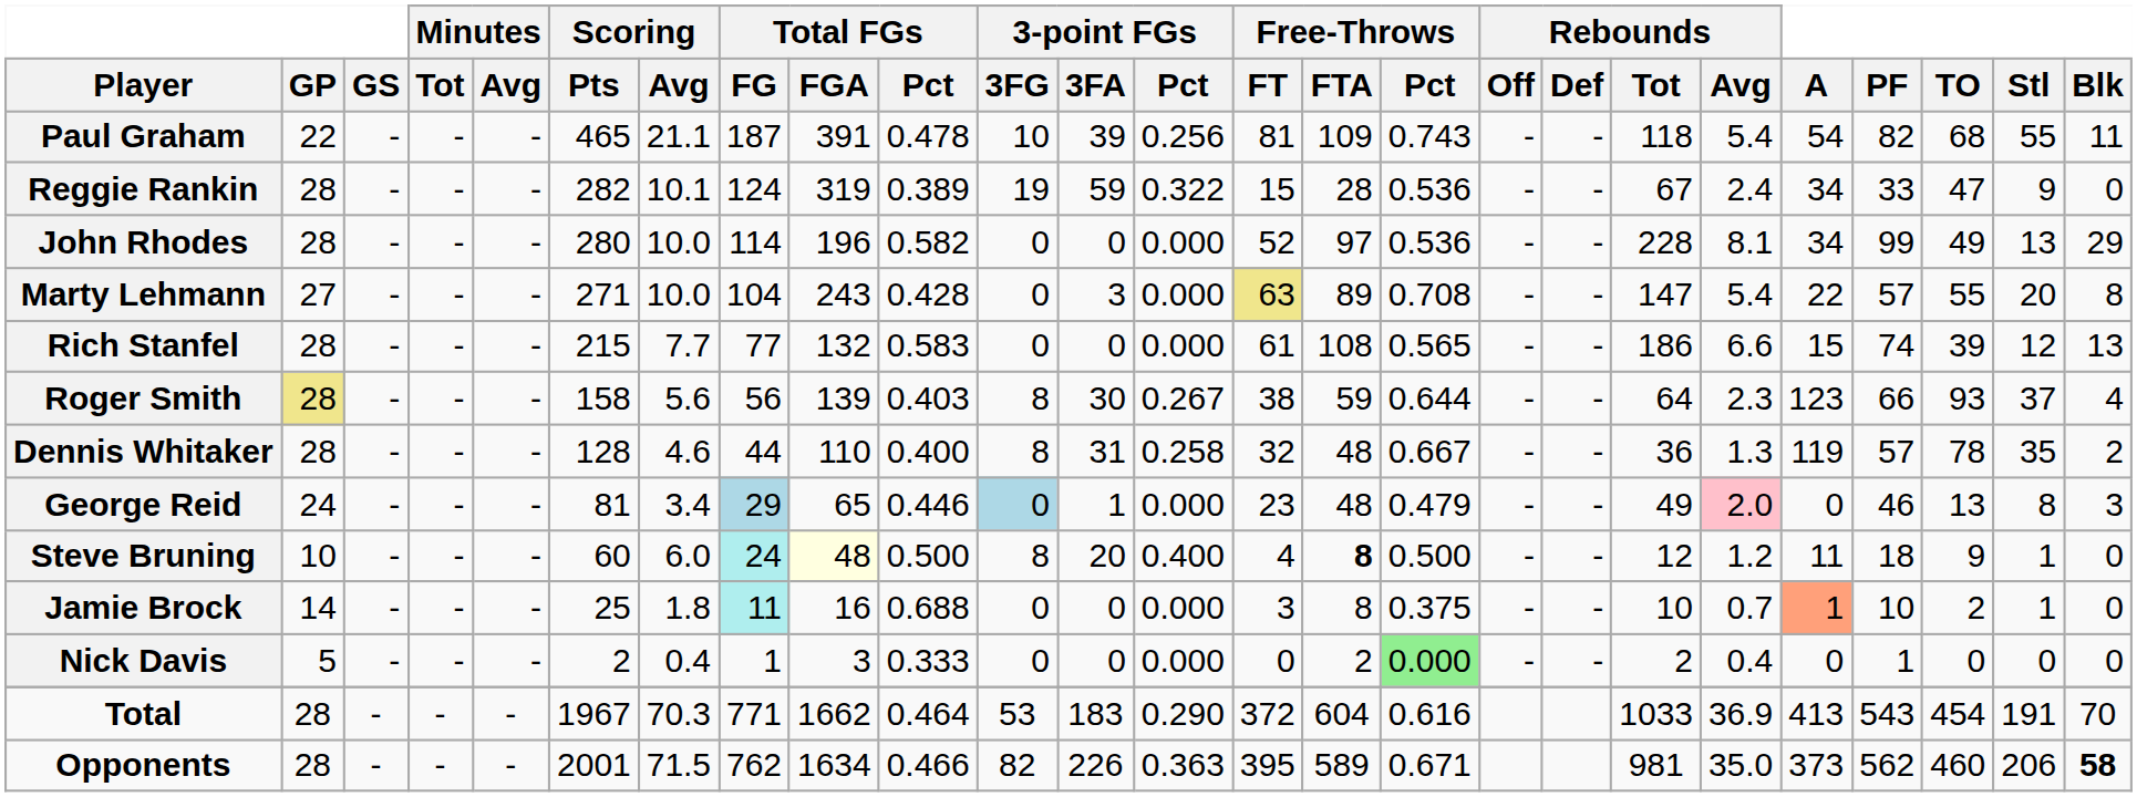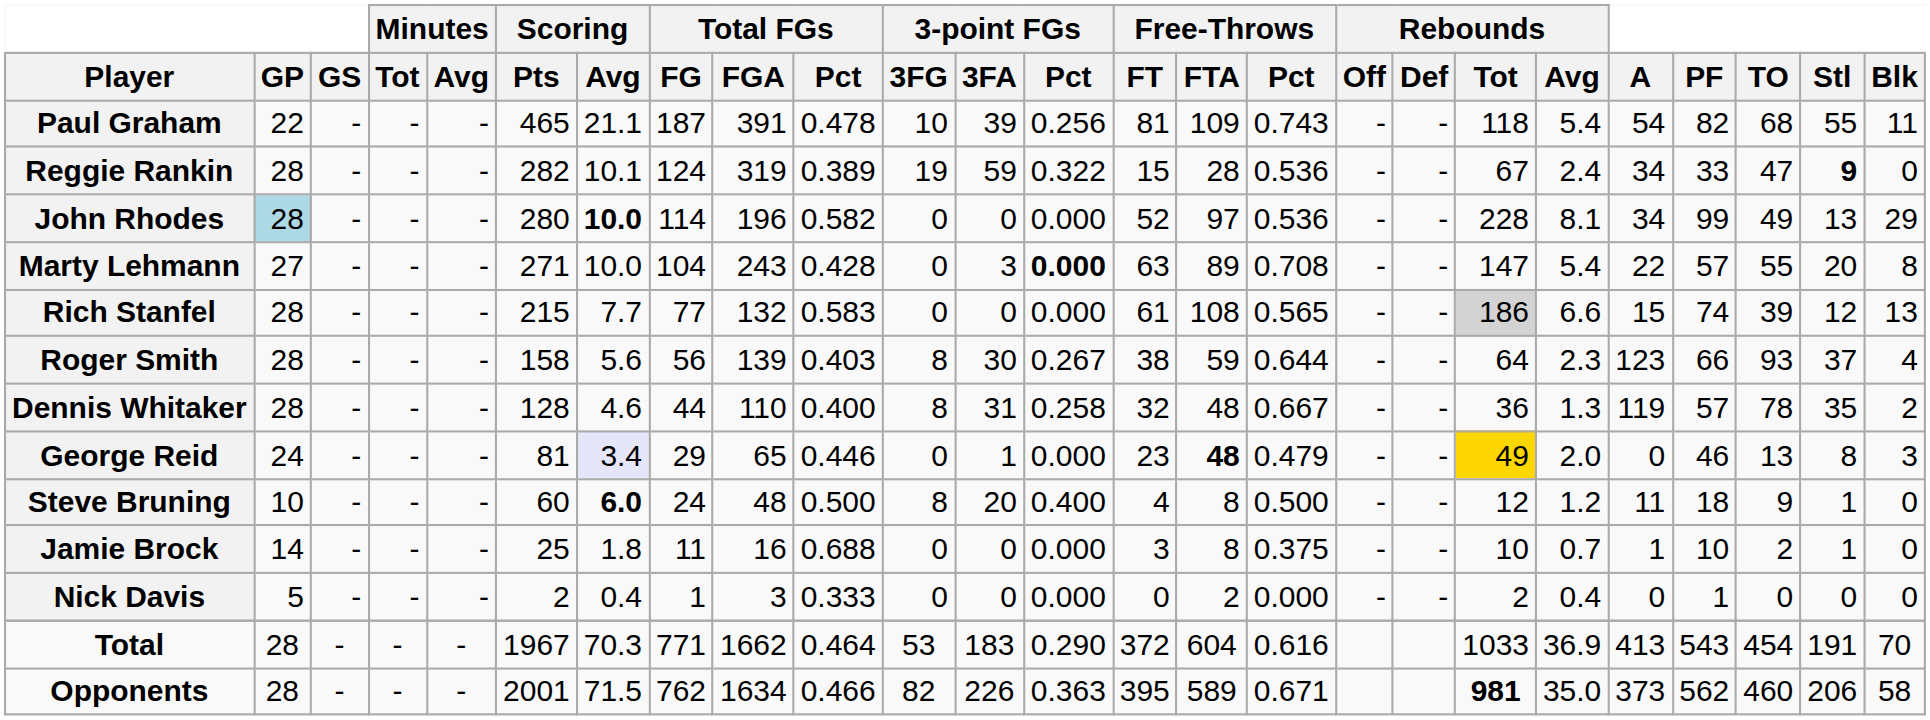 <table class="wikitable sortable" border="1" style="font-size:90%;">
 <tr>
 <th colspan="3" style="border-top-style:hidden; border-left-style:hidden; background: white;"></th>
 <th colspan="2" style=>Minutes</th>
 <th colspan="2" style=>Scoring</th>
 <th colspan="3" style=>Total FGs</th>
 <th colspan="3" style=>3-point FGs</th>
 <th colspan="3" style=>Free-Throws</th>
 <th colspan="4" style=>Rebounds</th>
 <th colspan="5" style="border-top-style:hidden; border-right-style:hidden; background: white;"></th>
 </tr>
 <tr>
 <th scope="col" style=>Player</th>
 <th scope="col" style=>GP</th>
 <th scope="col" style=>GS</th>
 <th scope="col" style=>Tot</th>
 <th scope="col" style=>Avg</th>
 <th scope="col" style=>Pts</th>
 <th scope="col" style=>Avg</th>
 <th scope="col" style=>FG</th>
 <th scope="col" style=>FGA</th>
 <th scope="col" style=>Pct</th>
 <th scope="col" style=>3FG</th>
 <th scope="col" style=>3FA</th>
 <th scope="col" style=>Pct</th>
 <th scope="col" style=>FT</th>
 <th scope="col" style=>FTA</th>
 <th scope="col" style=>Pct</th>
 <th scope="col" style=>Off</th>
 <th scope="col" style=>Def</th>
 <th scope="col" style=>Tot</th>
 <th scope="col" style=>Avg</th>
 <th scope="col" style=>A</th>
 <th scope="col" style=>PF</th>
 <th scope="col" style=>TO</th>
 <th scope="col" style=>Stl</th>
 <th scope="col" style=>Blk</th>
 </tr>
 <tr>
 <th>Paul Graham</th>
 <td align="right">22</td>
 <td align="right">-</td>
 <td align="right">-</td>
 <td align="right">-</td>
 <td align="right">465</td>
 <td align="right">21.1</td>
 <td align="right">187</td>
 <td align="right">391</td>
 <td align="right">0.478</td>
 <td align="right">10</td>
 <td align="right">39</td>
 <td align="right">0.256</td>
 <td align="right">81</td>
 <td align="right">109</td>
 <td align="right">0.743</td>
 <td align="right">-</td>
 <td align="right">-</td>
 <td align="right">118</td>
 <td align="right">5.4</td>
 <td align="right">54</td>
 <td align="right">82</td>
 <td align="right">68</td>
 <td align="right">55</td>
 <td align="right">11</td>
 </tr>
 <tr>
 <th>Reggie Rankin</th>
 <td align="right">28</td>
 <td align="right">-</td>
 <td align="right">-</td>
 <td align="right">-</td>
 <td align="right">282</td>
 <td align="right">10.1</td>
 <td align="right">124</td>
 <td align="right">319</td>
 <td align="right">0.389</td>
 <td align="right">19</td>
 <td align="right">59</td>
 <td align="right">0.322</td>
 <td align="right">15</td>
 <td align="right">28</td>
 <td align="right">0.536</td>
 <td align="right">-</td>
 <td align="right">-</td>
 <td align="right">67</td>
 <td align="right">2.4</td>
 <td align="right">34</td>
 <td align="right">33</td>
 <td align="right">47</td>
-<td align="right">9</td>
+<td align="right"><strong>9</strong></td>
 <td align="right">0</td>
 </tr>
 <tr>
 <th>John Rhodes</th>
-<td align="right">28</td>
+<td align="right" style="background: lightblue;">28</td>
 <td align="right">-</td>
 <td align="right">-</td>
 <td align="right">-</td>
 <td align="right">280</td>
-<td align="right">10.0</td>
+<td align="right"><strong>10.0</strong></td>
 <td align="right">114</td>
 <td align="right">196</td>
 <td align="right">0.582</td>
 <td align="right">0</td>
 <td align="right">0</td>
 <td align="right">0.000</td>
 <td align="right">52</td>
 <td align="right">97</td>
 <td align="right">0.536</td>
 <td align="right">-</td>
 <td align="right">-</td>
 <td align="right">228</td>
 <td align="right">8.1</td>
 <td align="right">34</td>
 <td align="right">99</td>
 <td align="right">49</td>
 <td align="right">13</td>
 <td align="right">29</td>
 </tr>
 <tr>
 <th>Marty Lehmann</th>
 <td align="right">27</td>
 <td align="right">-</td>
 <td align="right">-</td>
 <td align="right">-</td>
 <td align="right">271</td>
 <td align="right">10.0</td>
 <td align="right">104</td>
 <td align="right">243</td>
 <td align="right">0.428</td>
 <td align="right">0</td>
 <td align="right">3</td>
-<td align="right">0.000</td>
-<td align="right" style="background: khaki;">63</td>
+<td align="right"><strong>0.000</strong></td>
+<td align="right">63</td>
 <td align="right">89</td>
 <td align="right">0.708</td>
 <td align="right">-</td>
 <td align="right">-</td>
 <td align="right">147</td>
 <td align="right">5.4</td>
 <td align="right">22</td>
 <td align="right">57</td>
 <td align="right">55</td>
 <td align="right">20</td>
 <td align="right">8</td>
 </tr>
 <tr>
 <th>Rich Stanfel</th>
 <td align="right">28</td>
 <td align="right">-</td>
 <td align="right">-</td>
 <td align="right">-</td>
 <td align="right">215</td>
 <td align="right">7.7</td>
 <td align="right">77</td>
 <td align="right">132</td>
 <td align="right">0.583</td>
 <td align="right">0</td>
 <td align="right">0</td>
 <td align="right">0.000</td>
 <td align="right">61</td>
 <td align="right">108</td>
 <td align="right">0.565</td>
 <td align="right">-</td>
 <td align="right">-</td>
-<td align="right">186</td>
+<td align="right" style="background: lightgrey;">186</td>
 <td align="right">6.6</td>
 <td align="right">15</td>
 <td align="right">74</td>
 <td align="right">39</td>
 <td align="right">12</td>
 <td align="right">13</td>
 </tr>
 <tr>
 <th>Roger Smith</th>
-<td align="right" style="background: khaki;">28</td>
+<td align="right">28</td>
 <td align="right">-</td>
 <td align="right">-</td>
 <td align="right">-</td>
 <td align="right">158</td>
 <td align="right">5.6</td>
 <td align="right">56</td>
 <td align="right">139</td>
 <td align="right">0.403</td>
 <td align="right">8</td>
 <td align="right">30</td>
 <td align="right">0.267</td>
 <td align="right">38</td>
 <td align="right">59</td>
 <td align="right">0.644</td>
 <td align="right">-</td>
 <td align="right">-</td>
 <td align="right">64</td>
 <td align="right">2.3</td>
 <td align="right">123</td>
 <td align="right">66</td>
 <td align="right">93</td>
 <td align="right">37</td>
 <td align="right">4</td>
 </tr>
 <tr>
 <th>Dennis Whitaker</th>
 <td align="right">28</td>
 <td align="right">-</td>
 <td align="right">-</td>
 <td align="right">-</td>
 <td align="right">128</td>
 <td align="right">4.6</td>
 <td align="right">44</td>
 <td align="right">110</td>
 <td align="right">0.400</td>
 <td align="right">8</td>
 <td align="right">31</td>
 <td align="right">0.258</td>
 <td align="right">32</td>
 <td align="right">48</td>
 <td align="right">0.667</td>
 <td align="right">-</td>
 <td align="right">-</td>
 <td align="right">36</td>
 <td align="right">1.3</td>
 <td align="right">119</td>
 <td align="right">57</td>
 <td align="right">78</td>
 <td align="right">35</td>
 <td align="right">2</td>
 </tr>
 <tr>
 <th>George Reid</th>
 <td align="right">24</td>
 <td align="right">-</td>
 <td align="right">-</td>
 <td align="right">-</td>
 <td align="right">81</td>
-<td align="right">3.4</td>
-<td align="right" style="background: lightblue;">29</td>
+<td align="right" style="background: lavender;">3.4</td>
+<td align="right">29</td>
 <td align="right">65</td>
 <td align="right">0.446</td>
-<td align="right" style="background: lightblue;">0</td>
+<td align="right">0</td>
 <td align="right">1</td>
 <td align="right">0.000</td>
 <td align="right">23</td>
-<td align="right">48</td>
+<td align="right"><strong>48</strong></td>
 <td align="right">0.479</td>
 <td align="right">-</td>
 <td align="right">-</td>
-<td align="right">49</td>
-<td align="right" style="background: pink;">2.0</td>
+<td align="right" style="background: gold;">49</td>
+<td align="right">2.0</td>
 <td align="right">0</td>
 <td align="right">46</td>
 <td align="right">13</td>
 <td align="right">8</td>
 <td align="right">3</td>
 </tr>
 <tr>
 <th>Steve Bruning</th>
 <td align="right">10</td>
 <td align="right">-</td>
 <td align="right">-</td>
 <td align="right">-</td>
 <td align="right">60</td>
-<td align="right">6.0</td>
-<td align="right" style="background: paleturquoise;">24</td>
-<td align="right" style="background: lightyellow;">48</td>
+<td align="right"><strong>6.0</strong></td>
+<td align="right">24</td>
+<td align="right">48</td>
 <td align="right">0.500</td>
 <td align="right">8</td>
 <td align="right">20</td>
 <td align="right">0.400</td>
 <td align="right">4</td>
-<td align="right"><strong>8</strong></td>
+<td align="right">8</td>
 <td align="right">0.500</td>
 <td align="right">-</td>
 <td align="right">-</td>
 <td align="right">12</td>
 <td align="right">1.2</td>
 <td align="right">11</td>
 <td align="right">18</td>
 <td align="right">9</td>
 <td align="right">1</td>
 <td align="right">0</td>
 </tr>
 <tr>
 <th>Jamie Brock</th>
 <td align="right">14</td>
 <td align="right">-</td>
 <td align="right">-</td>
 <td align="right">-</td>
 <td align="right">25</td>
 <td align="right">1.8</td>
-<td align="right" style="background: paleturquoise;">11</td>
+<td align="right">11</td>
 <td align="right">16</td>
 <td align="right">0.688</td>
 <td align="right">0</td>
 <td align="right">0</td>
 <td align="right">0.000</td>
 <td align="right">3</td>
 <td align="right">8</td>
 <td align="right">0.375</td>
 <td align="right">-</td>
 <td align="right">-</td>
 <td align="right">10</td>
 <td align="right">0.7</td>
-<td align="right" style="background: lightsalmon;">1</td>
+<td align="right">1</td>
 <td align="right">10</td>
 <td align="right">2</td>
 <td align="right">1</td>
 <td align="right">0</td>
 </tr>
 <tr>
 <th>Nick Davis</th>
 <td align="right">5</td>
 <td align="right">-</td>
 <td align="right">-</td>
 <td align="right">-</td>
 <td align="right">2</td>
 <td align="right">0.4</td>
 <td align="right">1</td>
 <td align="right">3</td>
 <td align="right">0.333</td>
 <td align="right">0</td>
 <td align="right">0</td>
 <td align="right">0.000</td>
 <td align="right">0</td>
 <td align="right">2</td>
-<td align="right" style="background: lightgreen;">0.000</td>
+<td align="right">0.000</td>
 <td align="right">-</td>
 <td align="right">-</td>
 <td align="right">2</td>
 <td align="right">0.4</td>
 <td align="right">0</td>
 <td align="right">1</td>
 <td align="right">0</td>
 <td align="right">0</td>
 <td align="right">0</td>
 </tr>
 <tr>
 </tr>
 <tr class="sortbottom">
 <td align="center" style=><strong>Total</strong></td>
 <td align="center" style=>28</td>
 <td align="center" style=>-</td>
 <td align="center" style=>-</td>
 <td align="center" style=>-</td>
 <td align="center" style=>1967</td>
 <td align="center" style=>70.3</td>
 <td align="center" style=>771</td>
 <td align="center" style=>1662</td>
 <td align="center" style=>0.464</td>
 <td align="center" style=>53</td>
 <td align="center" style=>183</td>
 <td align="center" style=>0.290</td>
 <td align="center" style=>372</td>
 <td align="center" style=>604</td>
 <td align="center" style=>0.616</td>
 <td align="center" style=></td>
 <td align="center" style=></td>
 <td align="center" style=>1033</td>
 <td align="center" style=>36.9</td>
 <td align="center" style=>413</td>
 <td align="center" style=>543</td>
 <td align="center" style=>454</td>
 <td align="center" style=>191</td>
 <td align="center" style=>70</td>
 </tr>
 <tr class="sortbottom">
 <td align="center"><strong>Opponents</strong></td>
 <td align="center">28</td>
 <td align="center">-</td>
 <td align="center">-</td>
 <td align="center">-</td>
 <td align="center">2001</td>
 <td align="center">71.5</td>
 <td align="center">762</td>
 <td align="center">1634</td>
 <td align="center">0.466</td>
 <td align="center">82</td>
 <td align="center">226</td>
 <td align="center">0.363</td>
 <td align="center">395</td>
 <td align="center">589</td>
 <td align="center">0.671</td>
 <td align="center"></td>
 <td align="center"></td>
-<td align="center">981</td>
+<td align="center"><strong>981</strong></td>
 <td align="center">35.0</td>
 <td align="center">373</td>
 <td align="center">562</td>
 <td align="center">460</td>
 <td align="center">206</td>
-<td align="center"><strong>58</strong></td>
+<td align="center">58</td>
 </tr>
 </table>
